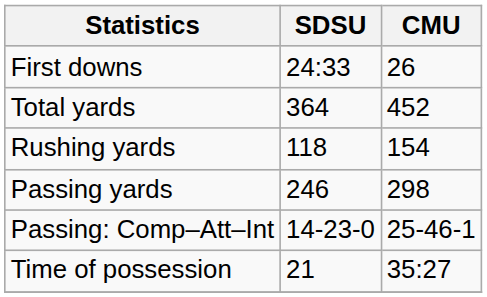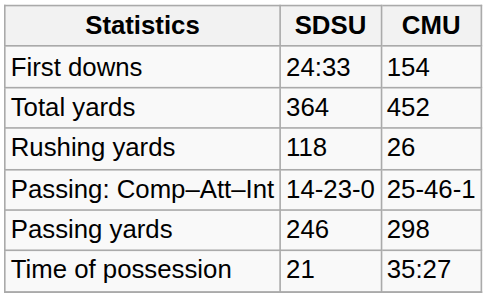 <table class="wikitable" style="float: left;">
 <tr>
 <th>Statistics</th>
 <th>SDSU</th>
 <th>CMU</th>
 </tr>
 <tr>
 <td>First downs</td>
 <td>24:33</td>
-<td>26</td>
+<td>154</td>
 </tr>
 <tr>
 <td>Total yards</td>
 <td>364</td>
 <td>452</td>
 </tr>
 <tr>
 <td>Rushing yards</td>
 <td>118</td>
-<td>154</td>
+<td>26</td>
+</tr>
+<tr>
+<td>Passing: Comp–Att–Int</td>
+<td>14-23-0</td>
+<td>25-46-1</td>
 </tr>
 <tr>
 <td>Passing yards</td>
 <td>246</td>
 <td>298</td>
-</tr>
-<tr>
-<td>Passing: Comp–Att–Int</td>
-<td>14-23-0</td>
-<td>25-46-1</td>
 </tr>
 <tr>
 <td>Time of possession</td>
 <td>21</td>
 <td>35:27</td>
 </tr>
 <tr>
 </tr>
 </table>
